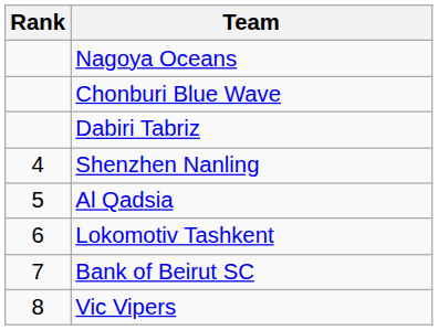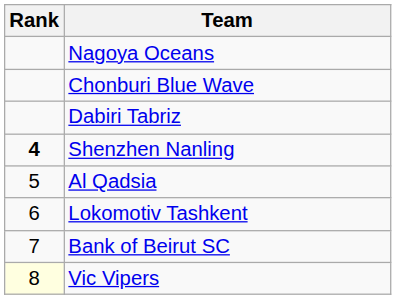 <table class="wikitable" style="text-align:center;">
 <tr>
 <th width=20>Rank</th>
 <th width=250>Team</th>
 </tr>
 <tr>
 <td></td>
 <td style="text-align:left;"> <a href='#'>Nagoya Oceans</a></td>
 </tr>
 <tr>
 <td></td>
 <td style="text-align:left;"> <a href='#'>Chonburi Blue Wave</a></td>
 </tr>
 <tr>
 <td></td>
 <td style="text-align:left;"> <a href='#'>Dabiri Tabriz</a></td>
 </tr>
 <tr>
-<td>4</td>
+<td><strong>4</strong></td>
 <td style="text-align:left;"> <a href='#'>Shenzhen Nanling</a></td>
 </tr>
 <tr>
 <td>5</td>
 <td style="text-align:left;"> <a href='#'>Al Qadsia</a></td>
 </tr>
 <tr>
 <td>6</td>
 <td style="text-align:left;"> <a href='#'>Lokomotiv Tashkent</a></td>
 </tr>
 <tr>
 <td>7</td>
 <td style="text-align:left;"> <a href='#'>Bank of Beirut SC</a></td>
 </tr>
 <tr>
-<td>8</td>
+<td style="background: lightyellow;">8</td>
 <td style="text-align:left;"> <a href='#'>Vic Vipers</a></td>
 </tr>
 </table>
